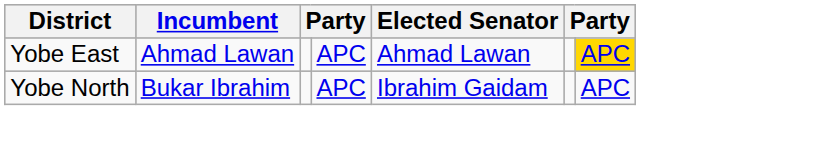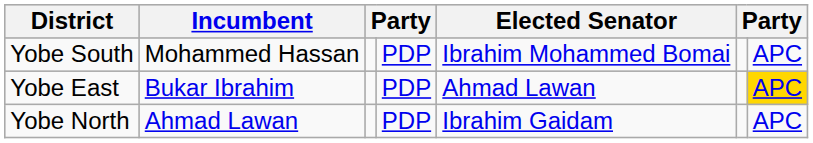 <table class="sortable wikitable" style="font-size:95%;line-height:14px;">
 <tr>
 <th class="unsortable">District</th>
 <th class="unsortable"><a href='#'>Incumbent</a></th>
 <th colspan="2">Party</th>
 <th class="unsortable">Elected Senator</th>
 <th colspan="2">Party</th>
 </tr>
 <tr>
-<td>Yobe East</td>
-<td><a href='#'>Ahmad Lawan</a></td>
+<td>Yobe South</td>
+<td>Mohammed Hassan</td>
+<td style="background:"></td>
+<td><a href='#'>PDP</a></td>
+<td><a href='#'>Ibrahim Mohammed Bomai</a></td>
 <td style="background:"></td>
 <td><a href='#'>APC</a></td>
+</tr>
+<tr>
+<td>Yobe East</td>
+<td><a href='#'>Bukar Ibrahim</a></td>
+<td style="background:"></td>
+<td><a href='#'>PDP</a></td>
 <td><a href='#'>Ahmad Lawan</a></td>
 <td style="background:"></td>
 <td style="background: gold;"><a href='#'>APC</a></td>
 </tr>
 <tr>
 <td>Yobe North</td>
-<td><a href='#'>Bukar Ibrahim</a></td>
+<td><a href='#'>Ahmad Lawan</a></td>
 <td style="background:"></td>
-<td><a href='#'>APC</a></td>
+<td><a href='#'>PDP</a></td>
 <td><a href='#'>Ibrahim Gaidam</a></td>
 <td style="background:"></td>
 <td><a href='#'>APC</a></td>
 </tr>
 </table>
